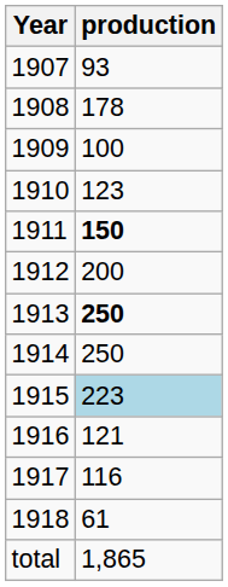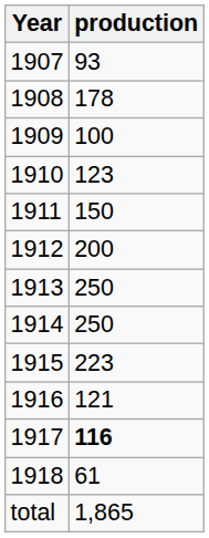 <table class="wikitable sortable">
 <tr>
 <th>Year</th>
 <th>production</th>
 </tr>
 <tr>
 <td>1907</td>
 <td>93</td>
 </tr>
 <tr>
 <td>1908</td>
 <td>178</td>
 </tr>
 <tr>
 <td>1909</td>
 <td>100</td>
 </tr>
 <tr>
 <td>1910</td>
 <td>123</td>
 </tr>
 <tr>
 <td>1911</td>
-<td><strong>150</strong></td>
+<td>150</td>
 </tr>
 <tr>
 <td>1912</td>
 <td>200</td>
 </tr>
 <tr>
 <td>1913</td>
-<td><strong>250</strong></td>
+<td>250</td>
 </tr>
 <tr>
 <td>1914</td>
 <td>250</td>
 </tr>
 <tr>
 <td>1915</td>
-<td style="background: lightblue;">223</td>
+<td>223</td>
 </tr>
 <tr>
 <td>1916</td>
 <td>121</td>
 </tr>
 <tr>
 <td>1917</td>
-<td>116</td>
+<td><strong>116</strong></td>
 </tr>
 <tr>
 <td>1918</td>
 <td>61</td>
 </tr>
 <tr>
 <td>total</td>
 <td>1,865</td>
 </tr>
 </table>
